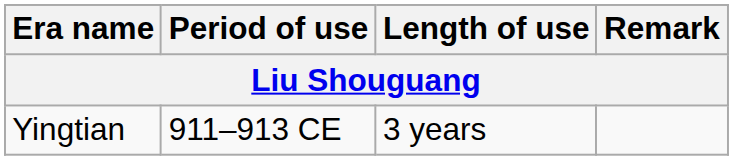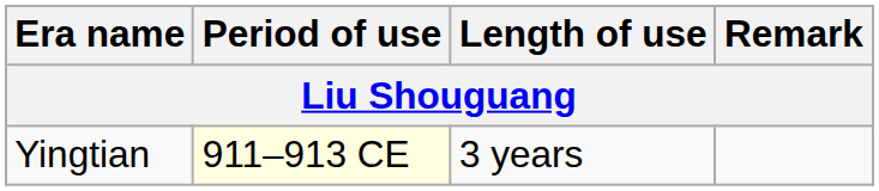 <table class="wikitable">
 <tr>
 <th>Era name</th>
 <th>Period of use</th>
 <th>Length of use</th>
 <th>Remark</th>
 </tr>
 <tr>
 <th colspan="4"><a href='#'>Liu Shouguang</a><br></th>
 </tr>
 <tr>
 <td>Yingtian<br></td>
-<td>911–913 CE</td>
+<td style="background: lightyellow;">911–913 CE</td>
 <td>3 years</td>
 <td></td>
 </tr>
 </table>
